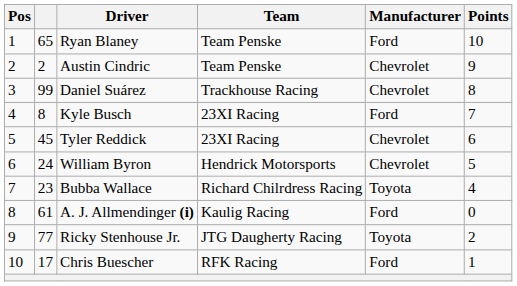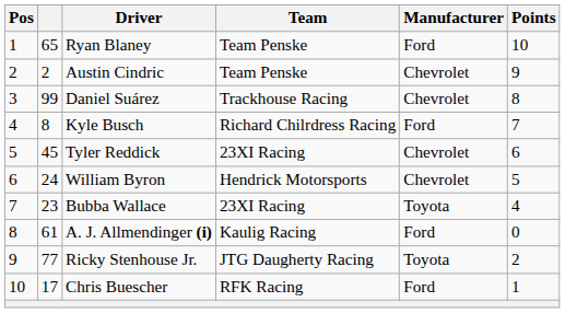 <table class="wikitable" style="font-size:98%">
 <tr>
 <th>Pos</th>
 <th></th>
 <th>Driver</th>
 <th>Team</th>
 <th>Manufacturer</th>
 <th>Points</th>
 </tr>
 <tr>
 <td>1</td>
 <td>65</td>
 <td>Ryan Blaney</td>
 <td>Team Penske</td>
 <td>Ford</td>
 <td>10</td>
 </tr>
 <tr>
 <td>2</td>
 <td>2</td>
 <td>Austin Cindric</td>
 <td>Team Penske</td>
 <td>Chevrolet</td>
 <td>9</td>
 </tr>
 <tr>
 <td>3</td>
 <td>99</td>
 <td>Daniel Suárez</td>
 <td>Trackhouse Racing</td>
 <td>Chevrolet</td>
 <td>8</td>
 </tr>
 <tr>
 <td>4</td>
 <td>8</td>
 <td>Kyle Busch</td>
-<td>23XI Racing</td>
+<td>Richard Chilrdress Racing</td>
 <td>Ford</td>
 <td>7</td>
 </tr>
 <tr>
 <td>5</td>
 <td>45</td>
 <td>Tyler Reddick</td>
 <td>23XI Racing</td>
 <td>Chevrolet</td>
 <td>6</td>
 </tr>
 <tr>
 <td>6</td>
 <td>24</td>
 <td>William Byron</td>
 <td>Hendrick Motorsports</td>
 <td>Chevrolet</td>
 <td>5</td>
 </tr>
 <tr>
 <td>7</td>
 <td>23</td>
 <td>Bubba Wallace</td>
-<td>Richard Chilrdress Racing</td>
+<td>23XI Racing</td>
 <td>Toyota</td>
 <td>4</td>
 </tr>
 <tr>
 <td>8</td>
 <td>61</td>
 <td>A. J. Allmendinger <strong>(i)</strong></td>
 <td>Kaulig Racing</td>
 <td>Ford</td>
 <td>0</td>
 </tr>
 <tr>
 <td>9</td>
 <td>77</td>
 <td>Ricky Stenhouse Jr.</td>
 <td>JTG Daugherty Racing</td>
 <td>Toyota</td>
 <td>2</td>
 </tr>
 <tr>
 <td>10</td>
 <td>17</td>
 <td>Chris Buescher</td>
 <td>RFK Racing</td>
 <td>Ford</td>
 <td>1</td>
 </tr>
 <tr>
 <th colspan="6"></th>
 </tr>
 </table>
